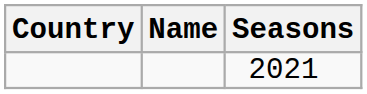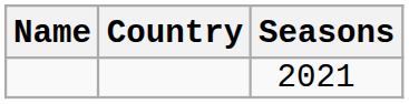 <table class="wikitable sortable" style="text-align:center style="font-size: 85%; line-height: 23px">
 <tr>
+<th scope=col>Name</th>
 <th scope=col>Country</th>
-<th scope=col>Name</th>
 <th scope=col>Seasons</th>
 </tr>
 <tr>
+<td align="left" style="padding: 0px 5px 0px 10px"></td>
 <td align="left"></td>
-<td align="left" style="padding: 0px 5px 0px 10px"></td>
 <td style="padding: 0px 5px 0px 10px">2021</td>
 </tr>
 </table>
